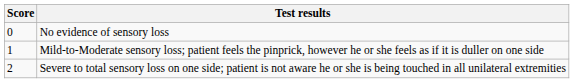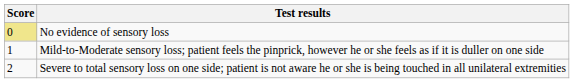 <table class="wikitable">
 <tr>
 <th>Score</th>
 <th>Test results</th>
 </tr>
 <tr>
-<td>0</td>
+<td style="background: khaki;">0</td>
 <td>No evidence of sensory loss</td>
 </tr>
 <tr>
 <td>1</td>
 <td>Mild-to-Moderate sensory loss; patient feels the pinprick, however he or she feels as if it is duller on one side</td>
 </tr>
 <tr>
 <td>2</td>
 <td>Severe to total sensory loss on one side; patient is not aware he or she is being touched in all unilateral extremities</td>
 </tr>
 </table>
